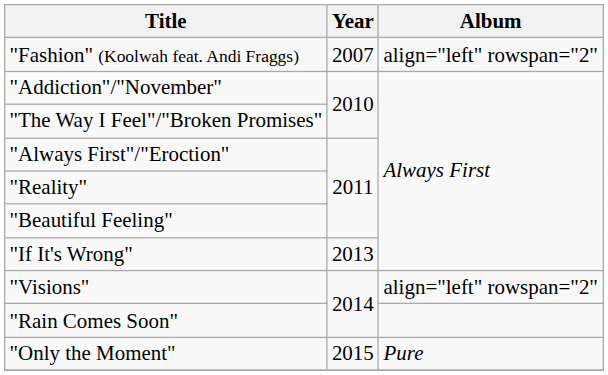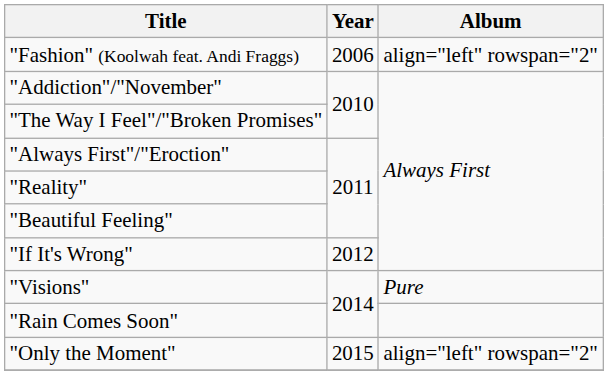 <table class="wikitable">
 <tr>
 <th>Title</th>
 <th>Year</th>
 <th>Album</th>
 </tr>
 <tr>
 <td align="left">"Fashion" <small>(Koolwah feat. Andi Fraggs)</small></td>
-<td align="center">2007</td>
+<td align="center">2006</td>
 <td>align="left" rowspan="2" </td>
 </tr>
 <tr>
 <td align="left">"Addiction"/"November"</td>
 <td align="center" rowspan="2">2010</td>
 <td align="left" rowspan="6"><em>Always First</em></td>
 </tr>
 <tr>
 <td align="left">"The Way I Feel"/"Broken Promises"</td>
 </tr>
 <tr>
 <td align="left">"Always First"/"Eroction"</td>
 <td align="center" rowspan="3">2011</td>
 </tr>
 <tr>
 <td align="left">"Reality"</td>
 </tr>
 <tr>
 <td align="left">"Beautiful Feeling"</td>
 </tr>
 <tr>
 <td align="left">"If It's Wrong"</td>
-<td align="center">2013</td>
+<td align="center">2012</td>
 </tr>
 <tr>
 <td align="left">"Visions"</td>
 <td align="center" rowspan="2">2014</td>
-<td>align="left" rowspan="2" </td>
+<td><em>Pure</em></td>
 </tr>
 <tr>
 <td align="left">"Rain Comes Soon"</td>
 </tr>
 <tr>
 <td align="left">"Only the Moment"</td>
 <td align="center" rowspan="1">2015</td>
-<td><em>Pure</em></td>
+<td>align="left" rowspan="2" </td>
 </tr>
 <tr>
 </tr>
 </table>
